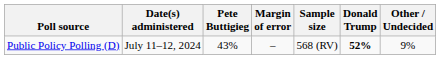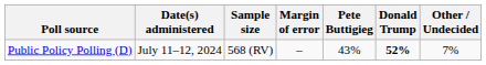 <table class="wikitable sortable mw-datatable" style="font-size:90%;text-align:center;line-height:17px">
 <tr style="vertical-align:bottom">
 <th>Poll source</th>
 <th>Date(s)<br>administered</th>
+<th>Sample<br>size</th>
+<th>Margin<br>of error</th>
 <th class="unsortable">Pete<br>Buttigieg<br></th>
-<th>Margin<br>of error</th>
-<th>Sample<br>size</th>
 <th class="unsortable">Donald<br>Trump<br></th>
 <th class="unsortable">Other /<br>Undecided</th>
 </tr>
 <tr>
 <td style="text-align:left;"><a href='#'>Public Policy Polling (D)</a></td>
 <td data-sort-value="2024-07-22">July 11–12, 2024</td>
+<td>568 (RV)</td>
+<td>–</td>
 <td>43%</td>
-<td>–</td>
-<td>568 (RV)</td>
 <td style="background-color:"><strong>52%</strong></td>
-<td>9%</td>
+<td>7%</td>
 </tr>
 </table>
